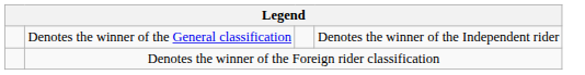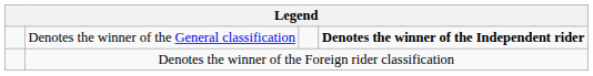 <table class="wikitable">
 <tr>
 <th colspan=4>Legend</th>
 </tr>
 <tr>
 <td>    </td>
 <td>Denotes the winner of the <a href='#'>General classification</a></td>
 <td>    </td>
-<td>Denotes the winner of the Independent rider</td>
+<td><strong>Denotes the winner of the Independent rider</strong></td>
 </tr>
 <tr>
 <td style="text-align:center;">    </td>
 <td colspan="3" style="text-align:center;">Denotes the winner of the Foreign rider classification</td>
 </tr>
 </table>
